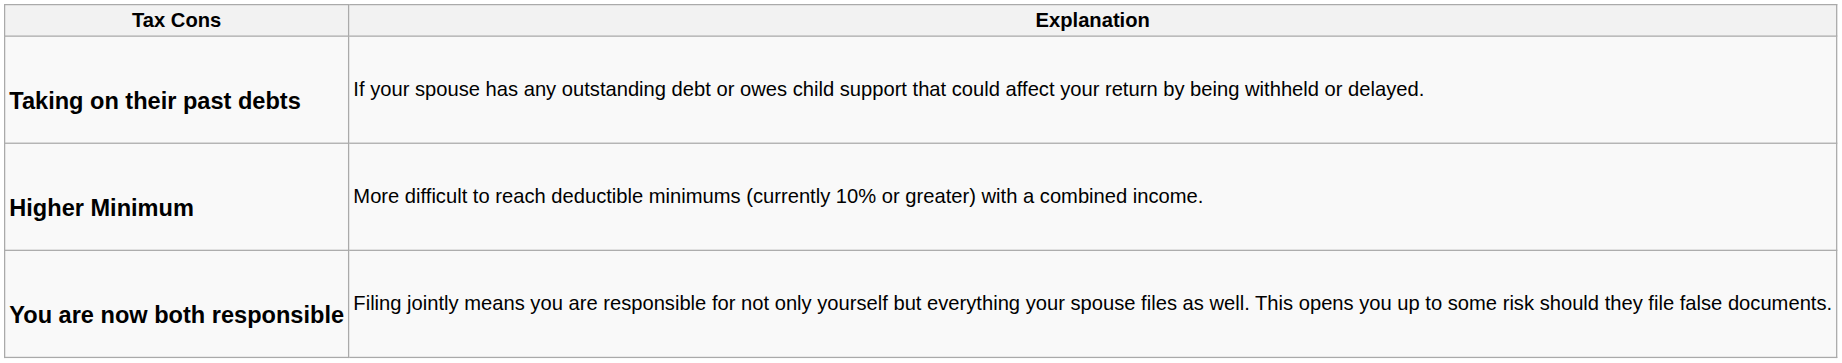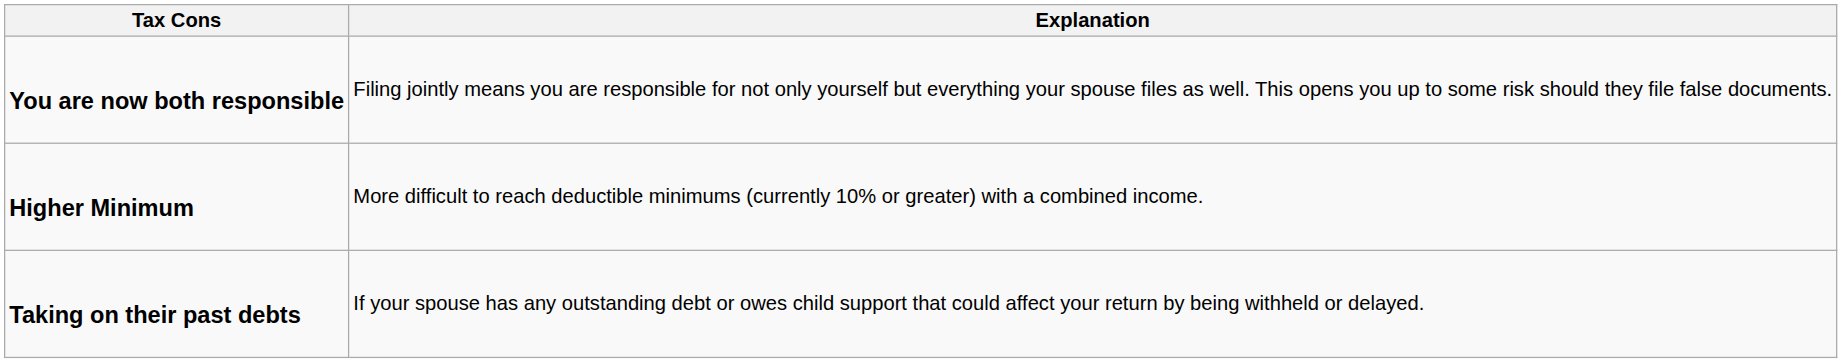 <table class="wikitable">
 <tr>
 <th>Tax Cons</th>
 <th>Explanation</th>
 </tr>
 <tr>
-<td><br><h3>Taking on their past debts</h3></td>
-<td>If your spouse has any outstanding debt or owes child support that could affect your return by being withheld or delayed.</td>
+<td><br><h3>You are now both  responsible</h3></td>
+<td>Filing jointly means you are responsible for not only yourself but everything your spouse files as well. This opens you up to some risk should they file false documents.</td>
 </tr>
 <tr>
 <td><br><h3>Higher Minimum</h3></td>
 <td>More difficult to reach deductible minimums (currently 10% or greater) with a combined income.</td>
 </tr>
 <tr>
-<td><br><h3>You are now both  responsible</h3></td>
-<td>Filing jointly means you are responsible for not only yourself but everything your spouse files as well. This opens you up to some risk should they file false documents.</td>
+<td><br><h3>Taking on their past debts</h3></td>
+<td>If your spouse has any outstanding debt or owes child support that could affect your return by being withheld or delayed.</td>
 </tr>
 </table>
